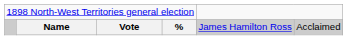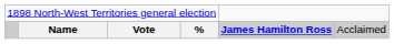 <table class="wikitable">
 <tr>
 <td colspan=4 align=center><a href='#'>1898 North-West Territories general election</a></td>
 </tr>
 <tr bgcolor="CCCCCC">
 <td></td>
 <th>Name</th>
 <th>Vote</th>
 <th>%<br></th>
-<td><a href='#'>James Hamilton Ross</a></td>
+<td><strong><a href='#'>James Hamilton Ross</a></strong></td>
 <td colspan="2" align=center>Acclaimed</td>
 </tr>
 </table>
